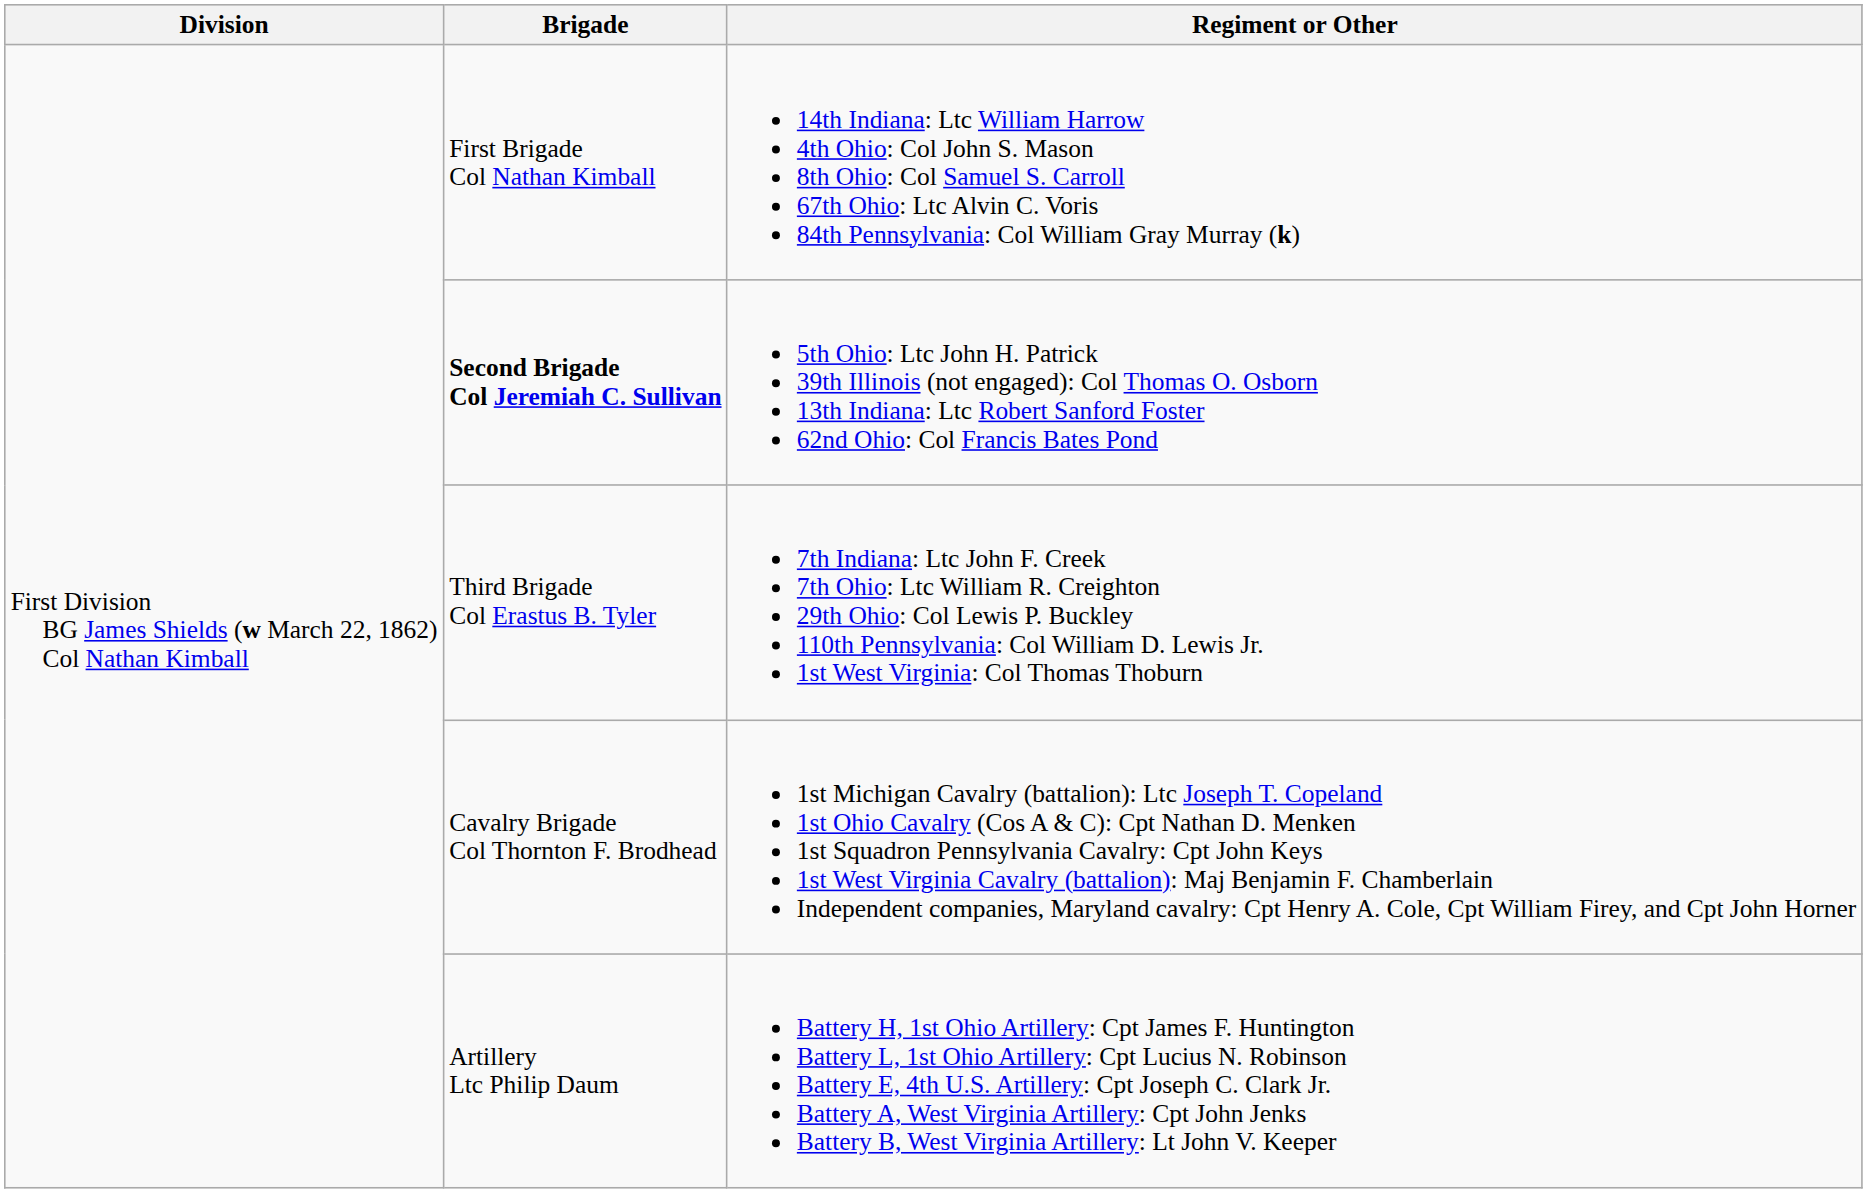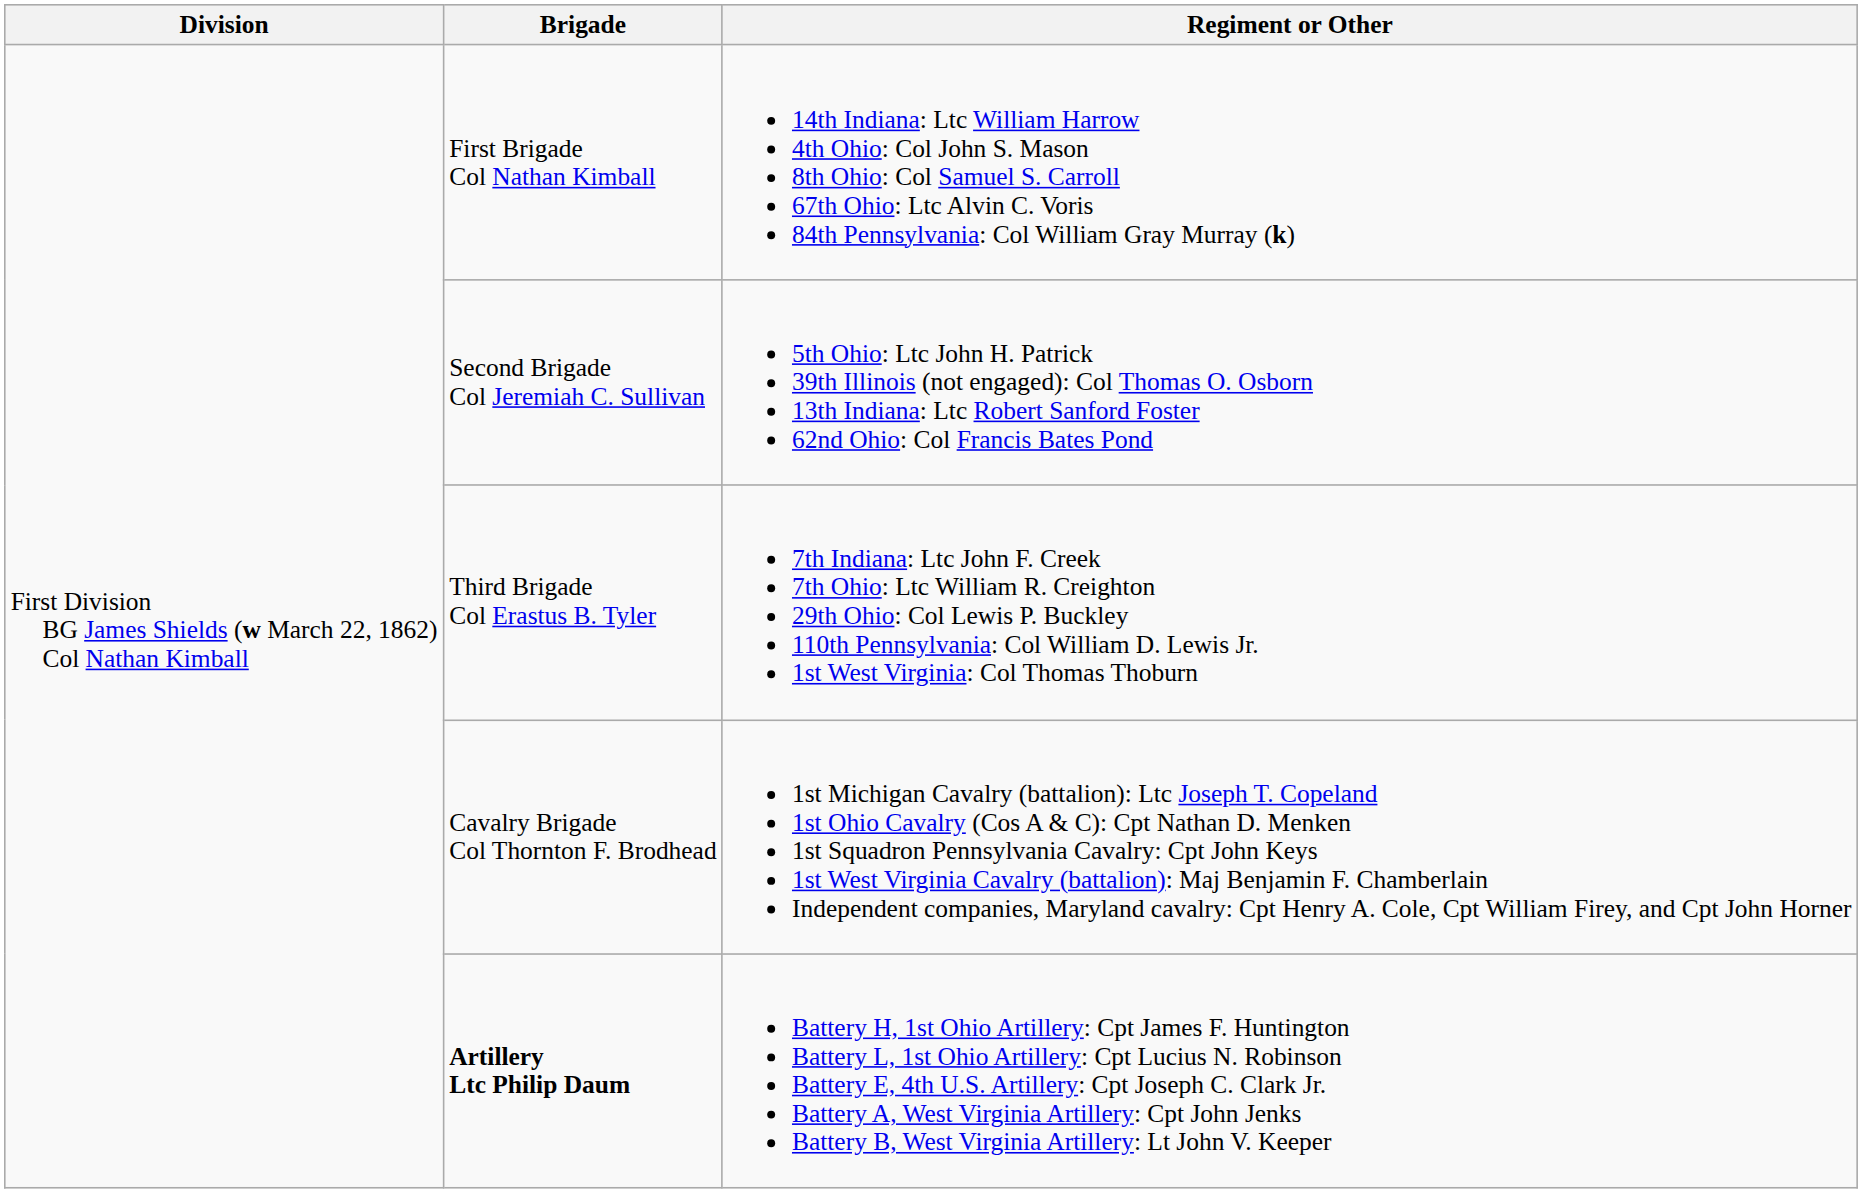 <table class="wikitable">
 <tr>
 <th>Division</th>
 <th>Brigade</th>
 <th>Regiment or Other</th>
 </tr>
 <tr>
 <td rowspan=5><br>First Division <br>     BG <a href='#'>James Shields</a> (<strong>w</strong> March 22, 1862) <br>     Col <a href='#'>Nathan Kimball</a></td>
 <td>First Brigade<br>Col <a href='#'>Nathan Kimball</a></td>
 <td><br><ul><li><a href='#'>14th Indiana</a>: Ltc <a href='#'>William Harrow</a></li><li><a href='#'>4th Ohio</a>: Col John S. Mason</li><li><a href='#'>8th Ohio</a>: Col <a href='#'>Samuel S. Carroll</a></li><li><a href='#'>67th Ohio</a>: Ltc Alvin C. Voris</li><li><a href='#'>84th Pennsylvania</a>: Col William Gray Murray (<strong>k</strong>)</li></ul></td>
 </tr>
 <tr>
-<td><strong>Second Brigade<br>Col <a href='#'>Jeremiah C. Sullivan</a></strong></td>
+<td>Second Brigade<br>Col <a href='#'>Jeremiah C. Sullivan</a></td>
 <td><br><ul><li><a href='#'>5th Ohio</a>: Ltc John H. Patrick</li><li><a href='#'>39th Illinois</a> (not engaged): Col <a href='#'>Thomas O. Osborn</a></li><li><a href='#'>13th Indiana</a>: Ltc <a href='#'>Robert Sanford Foster</a></li><li><a href='#'>62nd Ohio</a>: Col <a href='#'>Francis Bates Pond</a></li></ul></td>
 </tr>
 <tr>
 <td>Third Brigade<br>Col <a href='#'>Erastus B. Tyler</a></td>
 <td><br><ul><li><a href='#'>7th Indiana</a>: Ltc John F. Creek</li><li><a href='#'>7th Ohio</a>: Ltc William R. Creighton</li><li><a href='#'>29th Ohio</a>: Col Lewis P. Buckley</li><li><a href='#'>110th Pennsylvania</a>: Col William D. Lewis Jr.</li><li><a href='#'>1st West Virginia</a>: Col Thomas Thoburn</li></ul></td>
 </tr>
 <tr>
 <td>Cavalry Brigade<br>Col Thornton F. Brodhead</td>
 <td><br><ul><li>1st Michigan Cavalry (battalion): Ltc <a href='#'>Joseph T. Copeland</a></li><li><a href='#'>1st Ohio Cavalry</a> (Cos A & C): Cpt Nathan D. Menken</li><li>1st Squadron Pennsylvania Cavalry: Cpt John Keys</li><li><a href='#'>1st West Virginia Cavalry (battalion)</a>: Maj Benjamin F. Chamberlain</li><li>Independent companies, Maryland cavalry: Cpt Henry A. Cole, Cpt William Firey, and Cpt John Horner</li></ul></td>
 </tr>
 <tr>
-<td>Artillery<br>Ltc Philip Daum</td>
+<td><strong>Artillery<br>Ltc Philip Daum</strong></td>
 <td><br><ul><li><a href='#'>Battery H, 1st Ohio Artillery</a>: Cpt James F. Huntington</li><li><a href='#'>Battery L, 1st Ohio Artillery</a>: Cpt Lucius N. Robinson</li><li><a href='#'>Battery E, 4th U.S. Artillery</a>: Cpt Joseph C. Clark Jr.</li><li><a href='#'>Battery A, West Virginia Artillery</a>: Cpt John Jenks</li><li><a href='#'>Battery B, West Virginia Artillery</a>: Lt John V. Keeper</li></ul></td>
 </tr>
 </table>
